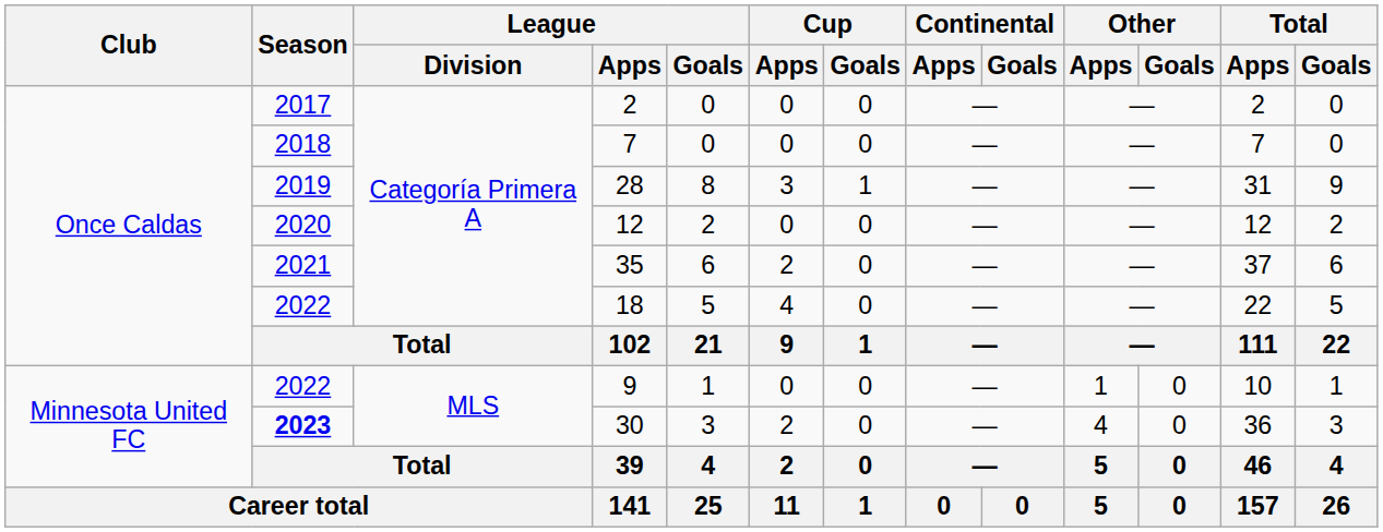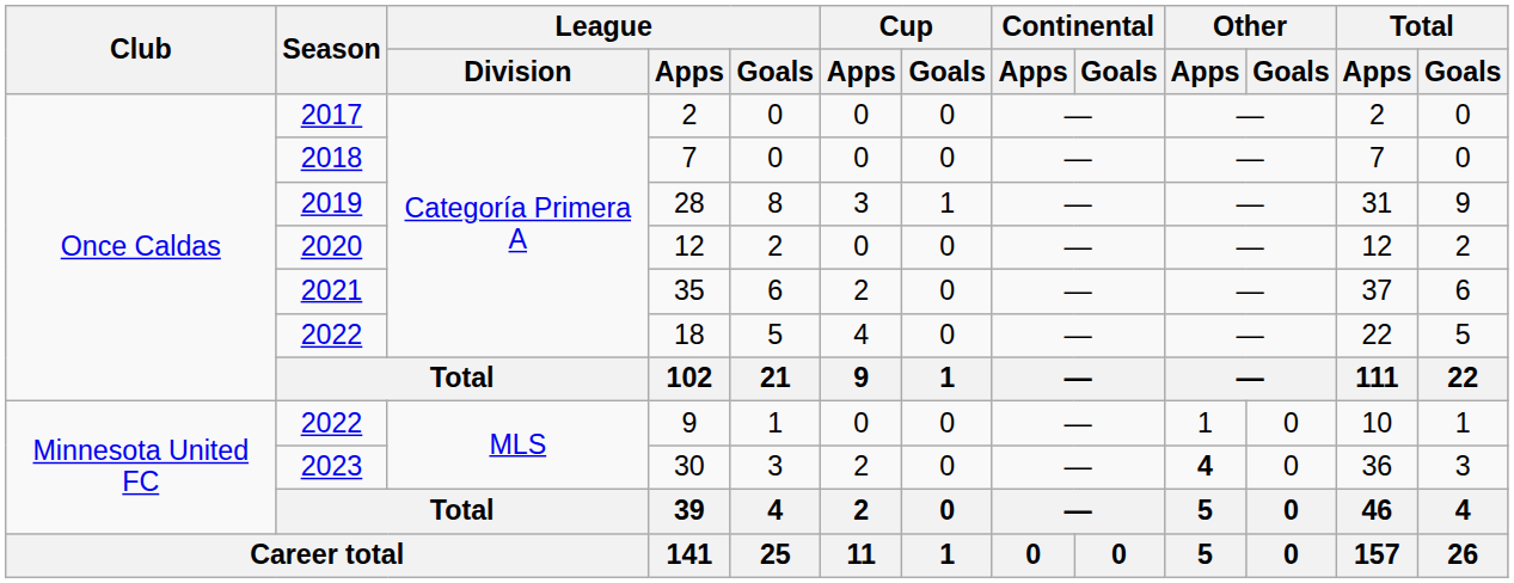 <table class="wikitable" style="text-align: center">
 <tr>
 <th rowspan="2">Club</th>
 <th rowspan="2">Season</th>
 <th colspan="3">League</th>
 <th colspan="2">Cup</th>
 <th colspan="2">Continental</th>
 <th colspan="2">Other</th>
 <th colspan="2">Total</th>
 </tr>
 <tr>
 <th>Division</th>
 <th>Apps</th>
 <th>Goals</th>
 <th>Apps</th>
 <th>Goals</th>
 <th>Apps</th>
 <th>Goals</th>
 <th>Apps</th>
 <th>Goals</th>
 <th>Apps</th>
 <th>Goals</th>
 </tr>
 <tr>
 <td rowspan="7"><a href='#'>Once Caldas</a></td>
 <td><a href='#'>2017</a></td>
 <td rowspan="6"><a href='#'>Categoría Primera A</a></td>
 <td>2</td>
 <td>0</td>
 <td>0</td>
 <td>0</td>
 <td colspan="2">—</td>
 <td colspan="2">—</td>
 <td>2</td>
 <td>0</td>
 </tr>
 <tr>
 <td><a href='#'>2018</a></td>
 <td>7</td>
 <td>0</td>
 <td>0</td>
 <td>0</td>
 <td colspan="2">—</td>
 <td colspan="2">—</td>
 <td>7</td>
 <td>0</td>
 </tr>
 <tr>
 <td><a href='#'>2019</a></td>
 <td>28</td>
 <td>8</td>
 <td>3</td>
 <td>1</td>
 <td colspan="2">—</td>
 <td colspan="2">—</td>
 <td>31</td>
 <td>9</td>
 </tr>
 <tr>
 <td><a href='#'>2020</a></td>
 <td>12</td>
 <td>2</td>
 <td>0</td>
 <td>0</td>
 <td colspan="2">—</td>
 <td colspan="2">—</td>
 <td>12</td>
 <td>2</td>
 </tr>
 <tr>
 <td><a href='#'>2021</a></td>
 <td>35</td>
 <td>6</td>
 <td>2</td>
 <td>0</td>
 <td colspan="2">—</td>
 <td colspan="2">—</td>
 <td>37</td>
 <td>6</td>
 </tr>
 <tr>
 <td><a href='#'>2022</a></td>
 <td>18</td>
 <td>5</td>
 <td>4</td>
 <td>0</td>
 <td colspan="2">—</td>
 <td colspan="2">—</td>
 <td>22</td>
 <td>5</td>
 </tr>
 <tr>
 <th colspan="2">Total</th>
 <th>102</th>
 <th>21</th>
 <th>9</th>
 <th>1</th>
 <th colspan="2">—</th>
 <th colspan="2">—</th>
 <th>111</th>
 <th>22</th>
 </tr>
 <tr>
 <td rowspan="3"><a href='#'>Minnesota United FC</a></td>
 <td><a href='#'>2022</a></td>
 <td rowspan="2"><a href='#'>MLS</a></td>
 <td>9</td>
 <td>1</td>
 <td>0</td>
 <td>0</td>
 <td colspan="2">—</td>
 <td>1</td>
 <td>0</td>
 <td>10</td>
 <td>1</td>
 </tr>
 <tr>
-<td><strong><a href='#'>2023</a></strong></td>
+<td><a href='#'>2023</a></td>
 <td>30</td>
 <td>3</td>
 <td>2</td>
 <td>0</td>
 <td colspan="2">—</td>
-<td>4</td>
+<td><strong>4</strong></td>
 <td>0</td>
 <td>36</td>
 <td>3</td>
 </tr>
 <tr>
 <th colspan="2">Total</th>
 <th>39</th>
 <th>4</th>
 <th>2</th>
 <th>0</th>
 <th colspan="2">—</th>
 <th>5</th>
 <th>0</th>
 <th>46</th>
 <th>4</th>
 </tr>
 <tr>
 <th colspan="3"><strong>Career total</strong></th>
 <th>141</th>
 <th>25</th>
 <th>11</th>
 <th>1</th>
 <th>0</th>
 <th>0</th>
 <th>5</th>
 <th>0</th>
 <th>157</th>
 <th>26</th>
 </tr>
 </table>
